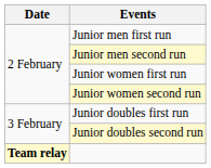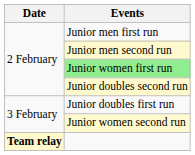 <table class="wikitable" border="1">
 <tr>
 <th>Date</th>
 <th>Events</th>
 </tr>
 <tr>
 <td rowspan=4>2 February</td>
 <td>Junior men first run</td>
 </tr>
 <tr bgcolor=lemonchiffon>
 <td>Junior men second run</td>
 </tr>
 <tr>
-<td>Junior women first run</td>
+<td style="background: lightgreen;">Junior women first run</td>
 </tr>
 <tr bgcolor=lemonchiffon>
-<td>Junior women second run</td>
+<td>Junior doubles second run</td>
 </tr>
 <tr>
 <td rowspan=3>3 February</td>
 <td>Junior doubles first run</td>
 </tr>
 <tr bgcolor=lemonchiffon>
-<td>Junior doubles second run</td>
+<td>Junior women second run</td>
 </tr>
 <tr>
 </tr>
 <tr bgcolor=lemonchiffon>
 <td><strong>Team relay</strong></td>
 </tr>
 </table>
